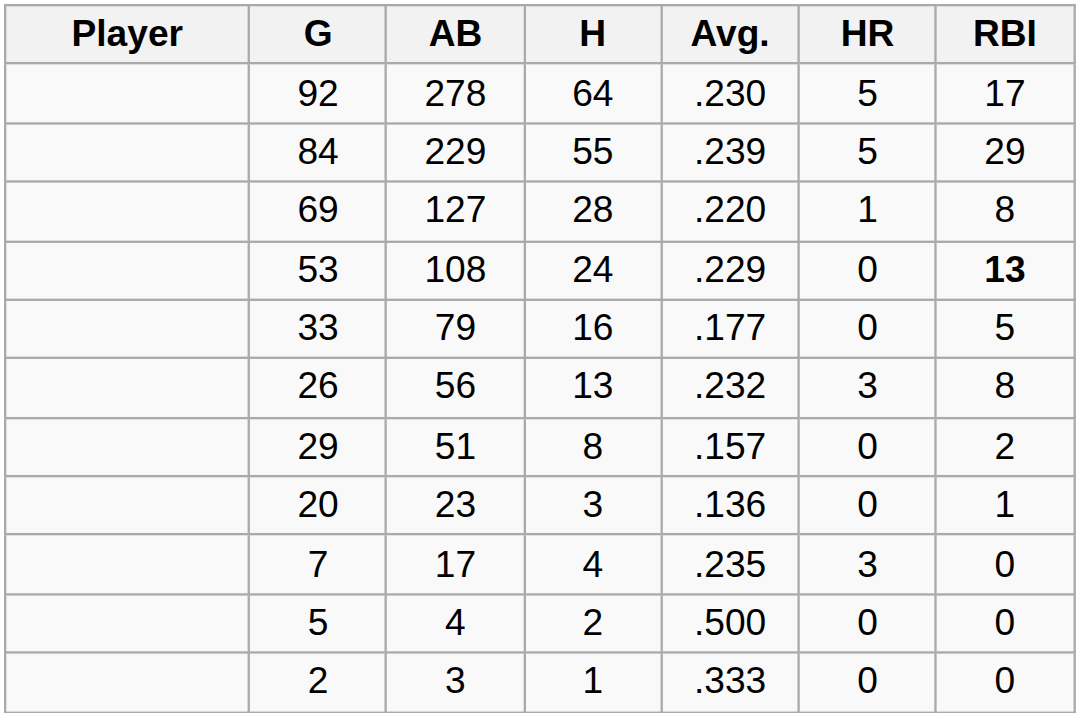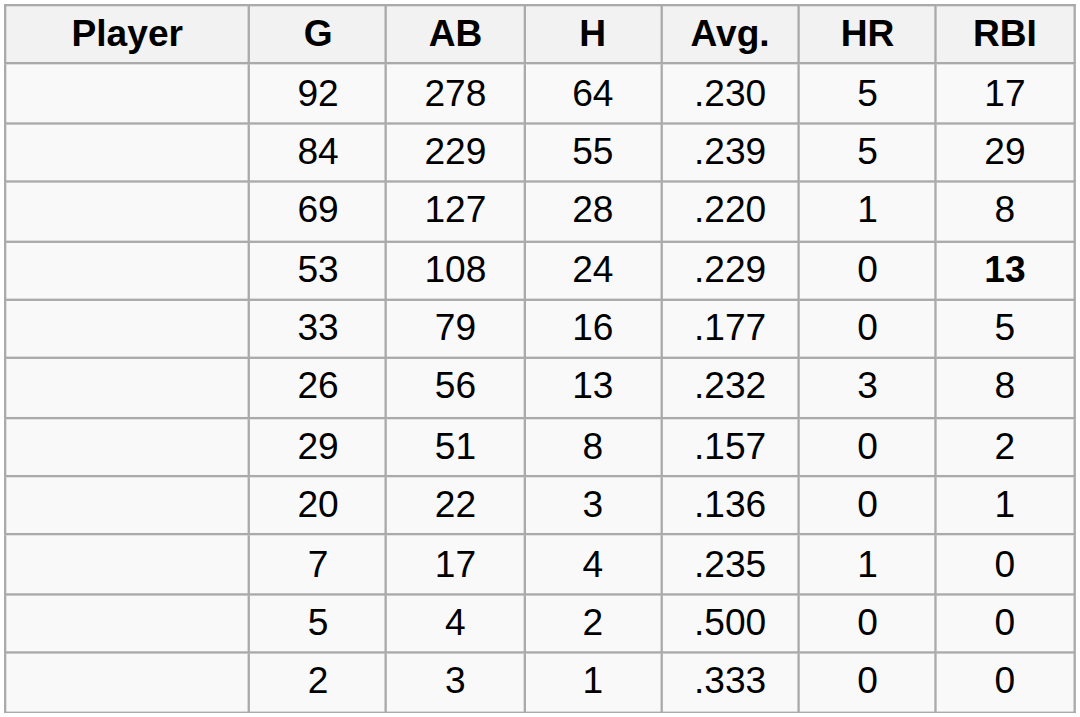 <table class="wikitable sortable">
 <tr>
 <th bgcolor="#DDDDFF" width="16%">Player</th>
 <th bgcolor="#DDDDFF" width="9%">G</th>
 <th bgcolor="#DDDDFF" width="9%">AB</th>
 <th bgcolor="#DDDDFF" width="9%">H</th>
 <th bgcolor="#DDDDFF" width="9%">Avg.</th>
 <th bgcolor="#DDDDFF" width="9%">HR</th>
 <th bgcolor="#DDDDFF" width="9%">RBI</th>
 </tr>
 <tr align="center">
 <td></td>
 <td>92</td>
 <td>278</td>
 <td>64</td>
 <td>.230</td>
 <td>5</td>
 <td>17</td>
 </tr>
 <tr align="center">
 <td></td>
 <td>84</td>
 <td>229</td>
 <td>55</td>
 <td>.239</td>
 <td>5</td>
 <td>29</td>
 </tr>
 <tr align="center">
 <td></td>
 <td>69</td>
 <td>127</td>
 <td>28</td>
 <td>.220</td>
 <td>1</td>
 <td>8</td>
 </tr>
 <tr align="center">
 <td></td>
 <td>53</td>
 <td>108</td>
 <td>24</td>
 <td>.229</td>
 <td>0</td>
 <td><strong>13</strong></td>
 </tr>
 <tr align="center">
 <td></td>
 <td>33</td>
 <td>79</td>
 <td>16</td>
 <td>.177</td>
 <td>0</td>
 <td>5</td>
 </tr>
 <tr align="center">
 <td></td>
 <td>26</td>
 <td>56</td>
 <td>13</td>
 <td>.232</td>
 <td>3</td>
 <td>8</td>
 </tr>
 <tr align="center">
 <td></td>
 <td>29</td>
 <td>51</td>
 <td>8</td>
 <td>.157</td>
 <td>0</td>
 <td>2</td>
 </tr>
 <tr align="center">
 <td></td>
 <td>20</td>
-<td>23</td>
+<td>22</td>
 <td>3</td>
 <td>.136</td>
 <td>0</td>
 <td>1</td>
 </tr>
 <tr align="center">
 <td></td>
 <td>7</td>
 <td>17</td>
 <td>4</td>
 <td>.235</td>
-<td>3</td>
+<td>1</td>
 <td>0</td>
 </tr>
 <tr align="center">
 <td></td>
 <td>5</td>
 <td>4</td>
 <td>2</td>
 <td>.500</td>
 <td>0</td>
 <td>0</td>
 </tr>
 <tr align="center">
 <td></td>
 <td>2</td>
 <td>3</td>
 <td>1</td>
 <td>.333</td>
 <td>0</td>
 <td>0</td>
 </tr>
 </table>
